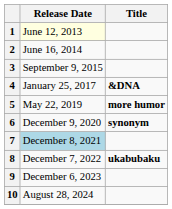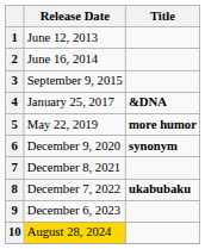 <table class="wikitable" style="font-size:small">
 <tr>
 <th></th>
 <th>Release Date</th>
 <th>Title</th>
 </tr>
 <tr>
 <th>1</th>
-<td style="background: lightyellow;">June 12, 2013</td>
+<td>June 12, 2013</td>
 <td><strong></strong></td>
 </tr>
 <tr>
 <th>2</th>
 <td>June 16, 2014</td>
 <td><strong></strong></td>
 </tr>
 <tr>
 <th>3</th>
 <td>September 9, 2015</td>
 <td><strong></strong></td>
 </tr>
 <tr>
 <th>4</th>
 <td>January 25, 2017</td>
 <td><strong>&DNA</strong></td>
 </tr>
 <tr>
 <th>5</th>
 <td>May 22, 2019</td>
 <td><strong>more humor</strong></td>
 </tr>
 <tr>
 <th>6</th>
 <td>December 9, 2020</td>
 <td><strong>synonym</strong></td>
 </tr>
 <tr>
 <th>7</th>
-<td style="background: lightblue;">December 8, 2021</td>
+<td>December 8, 2021</td>
 <td><strong></strong></td>
 </tr>
 <tr>
 <th>8</th>
 <td>December 7, 2022</td>
 <td><strong>ukabubaku</strong></td>
 </tr>
 <tr>
 <th>9</th>
 <td>December 6, 2023</td>
 <td><strong></strong></td>
 </tr>
 <tr>
 <th>10</th>
-<td>August 28, 2024</td>
+<td style="background: gold;">August 28, 2024</td>
 <td><strong></strong></td>
 </tr>
 <tr>
 </tr>
 </table>
